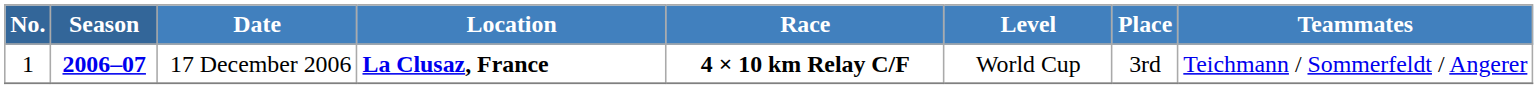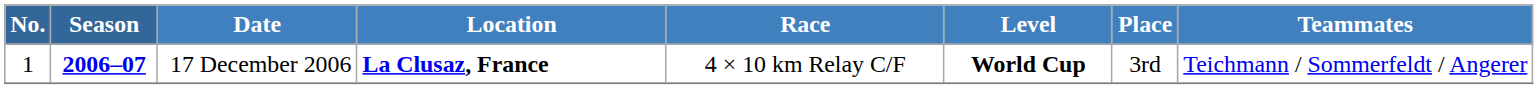 <table class="wikitable sortable" style="font-size:95%; text-align:center; border:grey solid 1px; border-collapse:collapse; background:#ffffff;">
 <tr style="background:#efefef;">
 <th style="background-color:#369; color:white;">No.</th>
 <th style="background-color:#369; color:white;">Season</th>
 <th style="background-color:#4180be; color:white; width:120px;">Date</th>
 <th style="background-color:#4180be; color:white; width:190px;">Location</th>
 <th style="background-color:#4180be; color:white; width:170px;">Race</th>
 <th style="background-color:#4180be; color:white; width:100px;">Level</th>
 <th style="background-color:#4180be; color:white;">Place</th>
 <th style="background-color:#4180be; color:white;">Teammates</th>
 </tr>
 <tr>
 <td align=center>1</td>
 <td rowspan=1 align=center><strong> <a href='#'>2006–07</a> </strong></td>
 <td align=right>17 December 2006</td>
 <td align=left><strong> <a href='#'>La Clusaz</a>, France</strong></td>
-<td><strong>4 × 10 km Relay C/F</strong></td>
-<td>World Cup</td>
+<td>4 × 10 km Relay C/F</td>
+<td><strong>World Cup</strong></td>
 <td>3rd</td>
 <td><a href='#'>Teichmann</a> / <a href='#'>Sommerfeldt</a> / <a href='#'>Angerer</a></td>
 </tr>
 <tr>
 </tr>
 </table>
